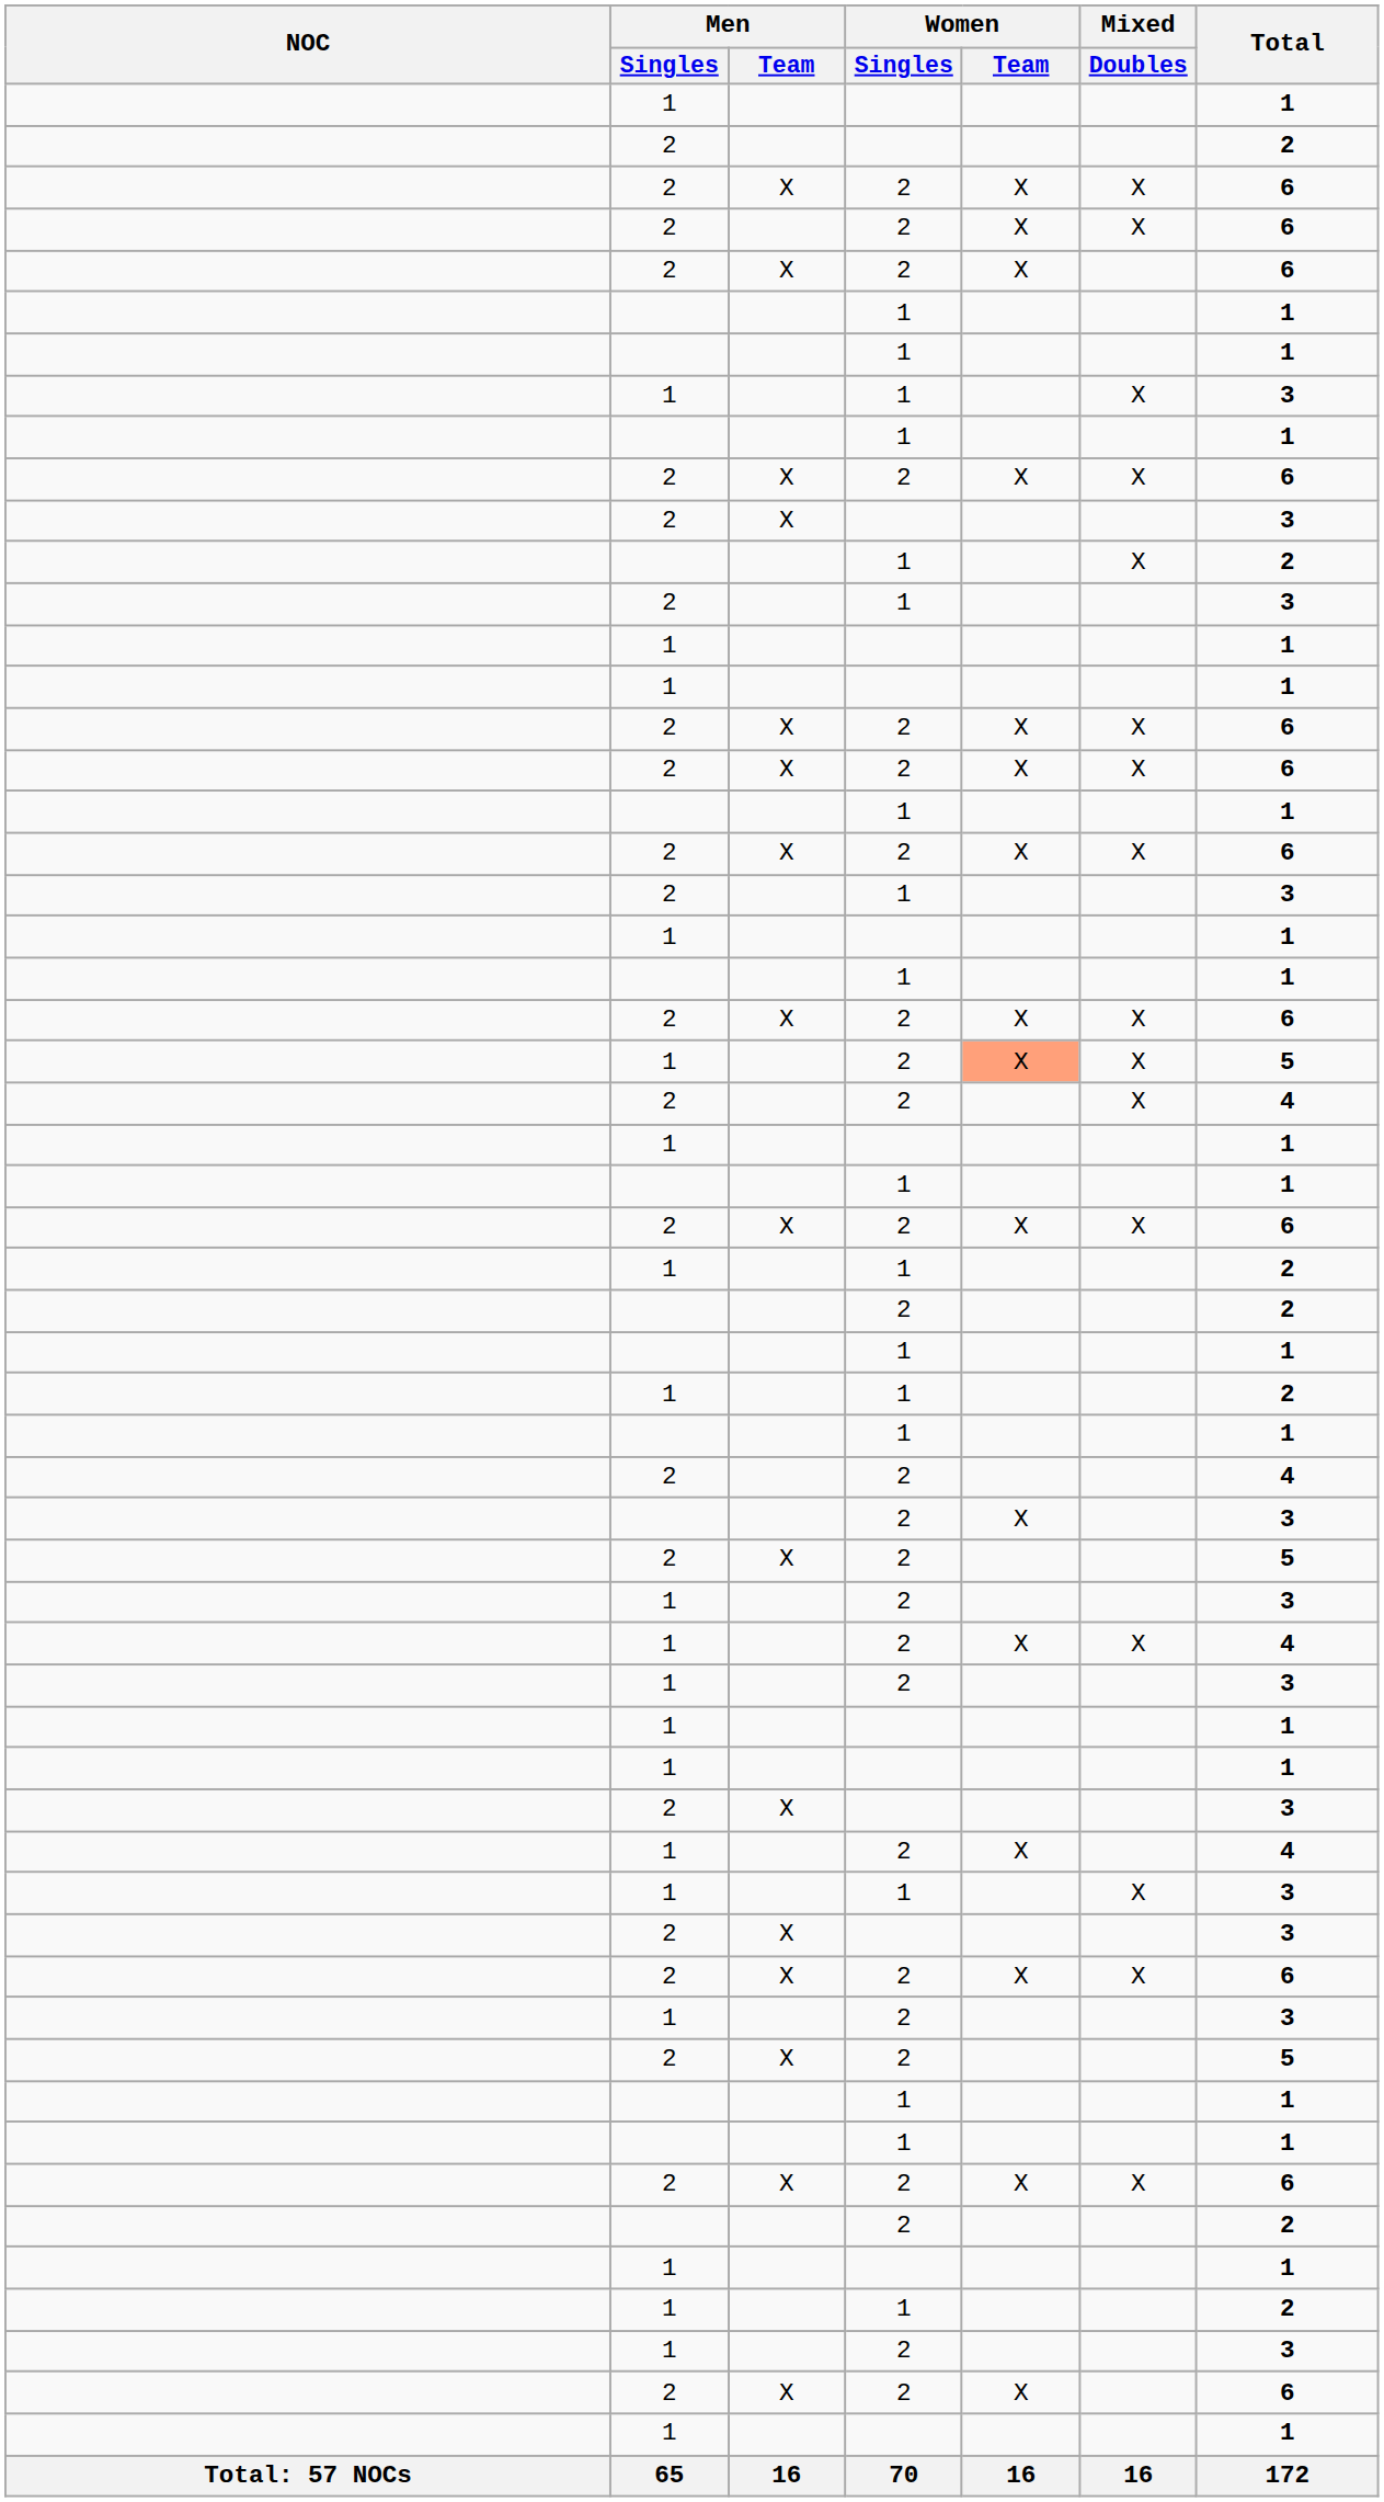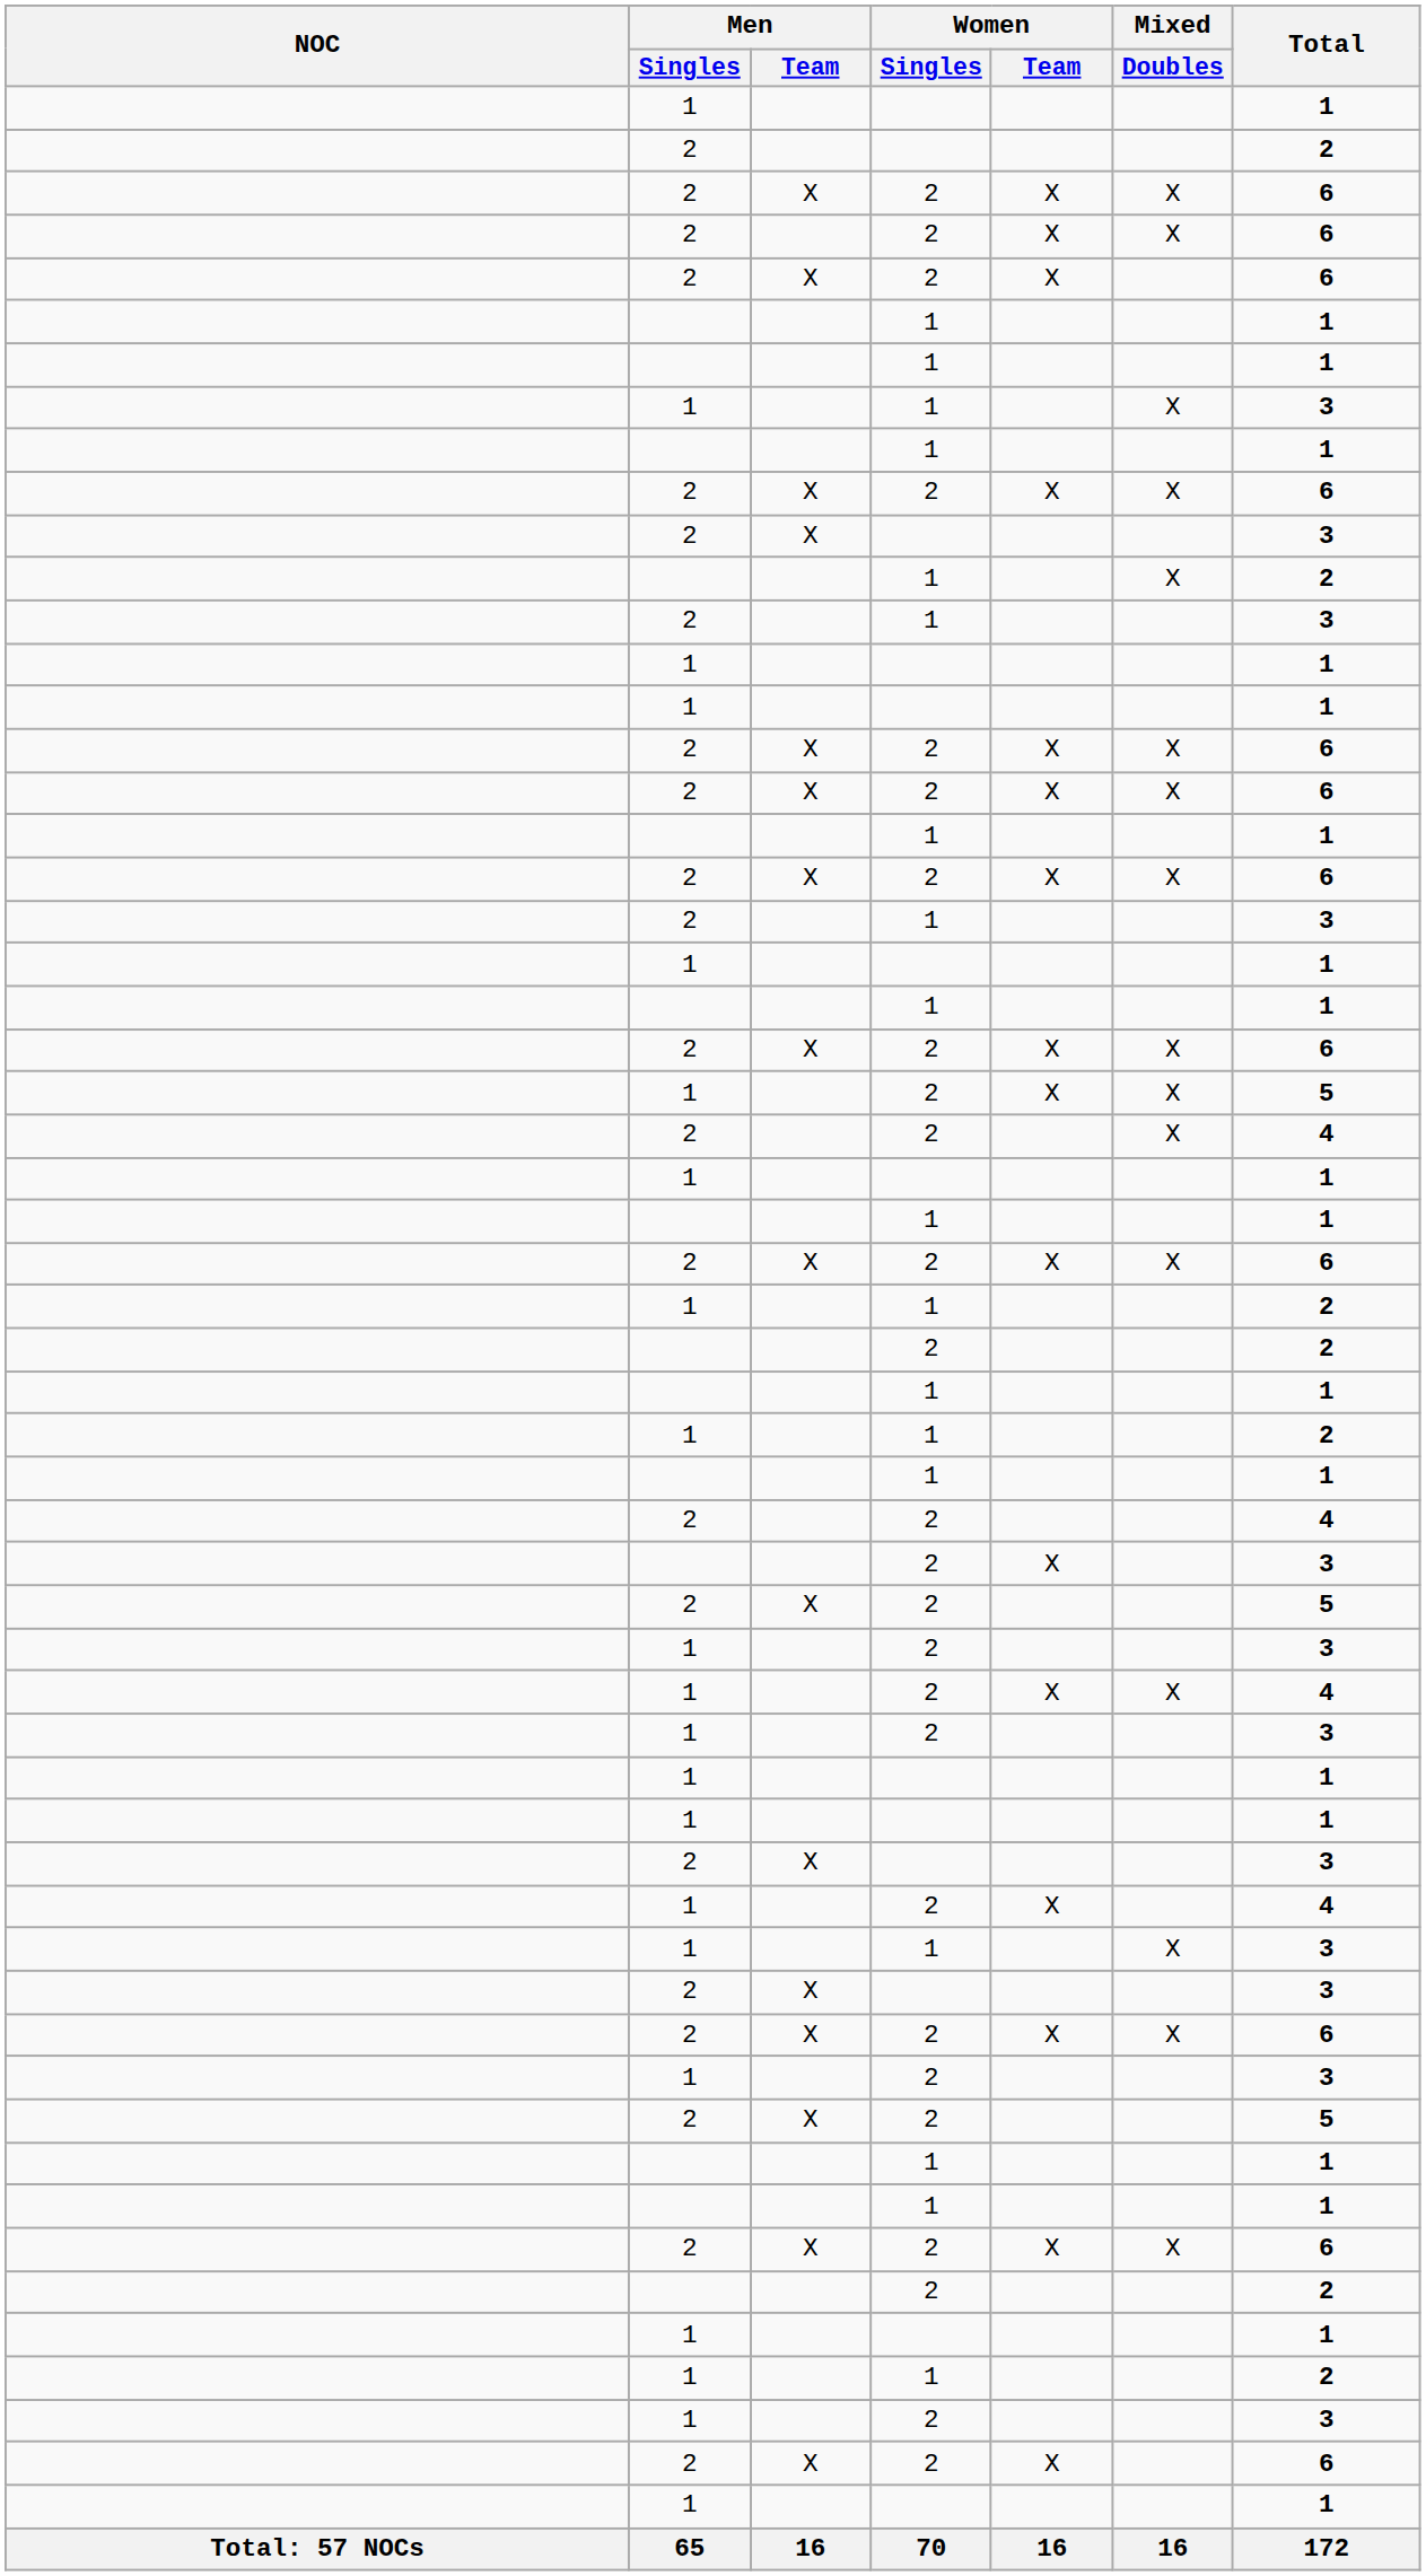 <table class="wikitable sortable" width=650 style="text-align:center; font-size:90%">
 <tr>
 <th rowspan="2" style="text-align:center;">NOC</th>
 <th colspan="2">Men</th>
 <th colspan="2">Women</th>
 <th>Mixed</th>
 <th rowspan="2" width=80>Total</th>
 </tr>
 <tr style="font-size:95%">
 <th width=50><a href='#'>Singles</a></th>
 <th width=50><a href='#'>Team</a></th>
 <th width=50><a href='#'>Singles</a></th>
 <th width=50><a href='#'>Team</a></th>
 <th width=50><a href='#'>Doubles</a></th>
 </tr>
 <tr>
 <td style="text-align:left;"></td>
 <td>1</td>
 <td></td>
 <td></td>
 <td></td>
 <td></td>
 <td><strong>1</strong></td>
 </tr>
 <tr>
 <td style="text-align:left;"></td>
 <td>2</td>
 <td></td>
 <td></td>
 <td></td>
 <td></td>
 <td><strong>2</strong></td>
 </tr>
 <tr>
 <td style="text-align:left;"></td>
 <td>2</td>
 <td>X</td>
 <td>2</td>
 <td>X</td>
 <td>X</td>
 <td><strong>6</strong></td>
 </tr>
 <tr>
 <td style="text-align:left;"></td>
 <td>2</td>
 <td></td>
 <td>2</td>
 <td>X</td>
 <td>X</td>
 <td><strong>6</strong></td>
 </tr>
 <tr>
 <td style="text-align:left;"></td>
 <td>2</td>
 <td>X</td>
 <td>2</td>
 <td>X</td>
 <td></td>
 <td><strong>6</strong></td>
 </tr>
 <tr>
 <td style="text-align:left;"></td>
 <td></td>
 <td></td>
 <td>1</td>
 <td></td>
 <td></td>
 <td><strong>1</strong></td>
 </tr>
 <tr>
 <td style="text-align:left;"></td>
 <td></td>
 <td></td>
 <td>1</td>
 <td></td>
 <td></td>
 <td><strong>1</strong></td>
 </tr>
 <tr>
 <td style="text-align:left;"></td>
 <td>1</td>
 <td></td>
 <td>1</td>
 <td></td>
 <td>X</td>
 <td><strong>3</strong></td>
 </tr>
 <tr>
 <td style="text-align:left;"></td>
 <td></td>
 <td></td>
 <td>1</td>
 <td></td>
 <td></td>
 <td><strong>1</strong></td>
 </tr>
 <tr>
 <td style="text-align:left;"></td>
 <td>2</td>
 <td>X</td>
 <td>2</td>
 <td>X</td>
 <td>X</td>
 <td><strong>6</strong></td>
 </tr>
 <tr>
 <td style="text-align:left;"></td>
 <td>2</td>
 <td>X</td>
 <td></td>
 <td></td>
 <td></td>
 <td><strong>3</strong></td>
 </tr>
 <tr>
 <td style="text-align:left;"></td>
 <td></td>
 <td></td>
 <td>1</td>
 <td></td>
 <td>X</td>
 <td><strong>2</strong></td>
 </tr>
 <tr>
 <td style="text-align:left;"></td>
 <td>2</td>
 <td></td>
 <td>1</td>
 <td></td>
 <td></td>
 <td><strong>3</strong></td>
 </tr>
 <tr>
 <td style="text-align:left;"></td>
 <td>1</td>
 <td></td>
 <td></td>
 <td></td>
 <td></td>
 <td><strong>1</strong></td>
 </tr>
 <tr>
 <td style="text-align:left;"></td>
 <td>1</td>
 <td></td>
 <td></td>
 <td></td>
 <td></td>
 <td><strong>1</strong></td>
 </tr>
 <tr>
 <td style="text-align:left;"></td>
 <td>2</td>
 <td>X</td>
 <td>2</td>
 <td>X</td>
 <td>X</td>
 <td><strong>6</strong></td>
 </tr>
 <tr>
 <td style="text-align:left;"></td>
 <td>2</td>
 <td>X</td>
 <td>2</td>
 <td>X</td>
 <td>X</td>
 <td><strong>6</strong></td>
 </tr>
 <tr>
 <td style="text-align:left;"></td>
 <td></td>
 <td></td>
 <td>1</td>
 <td></td>
 <td></td>
 <td><strong>1</strong></td>
 </tr>
 <tr>
 <td style="text-align:left;"></td>
 <td>2</td>
 <td>X</td>
 <td>2</td>
 <td>X</td>
 <td>X</td>
 <td><strong>6</strong></td>
 </tr>
 <tr>
 <td style="text-align:left;"></td>
 <td>2</td>
 <td></td>
 <td>1</td>
 <td></td>
 <td></td>
 <td><strong>3</strong></td>
 </tr>
 <tr>
 <td style="text-align:left;"></td>
 <td>1</td>
 <td></td>
 <td></td>
 <td></td>
 <td></td>
 <td><strong>1</strong></td>
 </tr>
 <tr>
 <td style="text-align:left;"></td>
 <td></td>
 <td></td>
 <td>1</td>
 <td></td>
 <td></td>
 <td><strong>1</strong></td>
 </tr>
 <tr>
 <td style="text-align:left;"></td>
 <td>2</td>
 <td>X</td>
 <td>2</td>
 <td>X</td>
 <td>X</td>
 <td><strong>6</strong></td>
 </tr>
 <tr>
 <td style="text-align:left;"></td>
 <td>1</td>
 <td></td>
 <td>2</td>
-<td style="background: lightsalmon;">X</td>
+<td>X</td>
 <td>X</td>
 <td><strong>5</strong></td>
 </tr>
 <tr>
 <td style="text-align:left;"></td>
 <td>2</td>
 <td></td>
 <td>2</td>
 <td></td>
 <td>X</td>
 <td><strong>4</strong></td>
 </tr>
 <tr>
 <td style="text-align:left;"></td>
 <td>1</td>
 <td></td>
 <td></td>
 <td></td>
 <td></td>
 <td><strong>1</strong></td>
 </tr>
 <tr>
 <td style="text-align:left;"></td>
 <td></td>
 <td></td>
 <td>1</td>
 <td></td>
 <td></td>
 <td><strong>1</strong></td>
 </tr>
 <tr>
 <td style="text-align:left;"></td>
 <td>2</td>
 <td>X</td>
 <td>2</td>
 <td>X</td>
 <td>X</td>
 <td><strong>6</strong></td>
 </tr>
 <tr>
 <td style="text-align:left;"></td>
 <td>1</td>
 <td></td>
 <td>1</td>
 <td></td>
 <td></td>
 <td><strong>2</strong></td>
 </tr>
 <tr>
 <td style="text-align:left;"></td>
 <td></td>
 <td></td>
 <td>2</td>
 <td></td>
 <td></td>
 <td><strong>2</strong></td>
 </tr>
 <tr>
 <td style="text-align:left;"></td>
 <td></td>
 <td></td>
 <td>1</td>
 <td></td>
 <td></td>
 <td><strong>1</strong></td>
 </tr>
 <tr>
 <td style="text-align:left;"></td>
 <td>1</td>
 <td></td>
 <td>1</td>
 <td></td>
 <td></td>
 <td><strong>2</strong></td>
 </tr>
 <tr>
 <td style="text-align:left;"></td>
 <td></td>
 <td></td>
 <td>1</td>
 <td></td>
 <td></td>
 <td><strong>1</strong></td>
 </tr>
 <tr>
 <td style="text-align:left;"></td>
 <td>2</td>
 <td></td>
 <td>2</td>
 <td></td>
 <td></td>
 <td><strong>4</strong></td>
 </tr>
 <tr>
 <td style="text-align:left;"></td>
 <td></td>
 <td></td>
 <td>2</td>
 <td>X</td>
 <td></td>
 <td><strong>3</strong></td>
 </tr>
 <tr>
 <td style="text-align:left;"></td>
 <td>2</td>
 <td>X</td>
 <td>2</td>
 <td></td>
 <td></td>
 <td><strong>5</strong></td>
 </tr>
 <tr>
 <td style="text-align:left;"></td>
 <td>1</td>
 <td></td>
 <td>2</td>
 <td></td>
 <td></td>
 <td><strong>3</strong></td>
 </tr>
 <tr>
 <td style="text-align:left;"></td>
 <td>1</td>
 <td></td>
 <td>2</td>
 <td>X</td>
 <td>X</td>
 <td><strong>4</strong></td>
 </tr>
 <tr>
 <td style="text-align:left;"></td>
 <td>1</td>
 <td></td>
 <td>2</td>
 <td></td>
 <td></td>
 <td><strong>3</strong></td>
 </tr>
 <tr>
 <td style="text-align:left;"></td>
 <td>1</td>
 <td></td>
 <td></td>
 <td></td>
 <td></td>
 <td><strong>1</strong></td>
 </tr>
 <tr>
 <td style="text-align:left;"></td>
 <td>1</td>
 <td></td>
 <td></td>
 <td></td>
 <td></td>
 <td><strong>1</strong></td>
 </tr>
 <tr>
 <td style="text-align:left;"></td>
 <td>2</td>
 <td>X</td>
 <td></td>
 <td></td>
 <td></td>
 <td><strong>3</strong></td>
 </tr>
 <tr>
 <td style="text-align:left;"></td>
 <td>1</td>
 <td></td>
 <td>2</td>
 <td>X</td>
 <td></td>
 <td><strong>4</strong></td>
 </tr>
 <tr>
 <td style="text-align:left;"></td>
 <td>1</td>
 <td></td>
 <td>1</td>
 <td></td>
 <td>X</td>
 <td><strong>3</strong></td>
 </tr>
 <tr>
 <td style="text-align:left;"></td>
 <td>2</td>
 <td>X</td>
 <td></td>
 <td></td>
 <td></td>
 <td><strong>3</strong></td>
 </tr>
 <tr>
 <td style="text-align:left;"></td>
 <td>2</td>
 <td>X</td>
 <td>2</td>
 <td>X</td>
 <td>X</td>
 <td><strong>6</strong></td>
 </tr>
 <tr>
 <td style="text-align:left;"></td>
 <td>1</td>
 <td></td>
 <td>2</td>
 <td></td>
 <td></td>
 <td><strong>3</strong></td>
 </tr>
 <tr>
 <td style="text-align:left;"></td>
 <td>2</td>
 <td>X</td>
 <td>2</td>
 <td></td>
 <td></td>
 <td><strong>5</strong></td>
 </tr>
 <tr>
 <td style="text-align:left;"></td>
 <td></td>
 <td></td>
 <td>1</td>
 <td></td>
 <td></td>
 <td><strong>1</strong></td>
 </tr>
 <tr>
 <td style="text-align:left;"></td>
 <td></td>
 <td></td>
 <td>1</td>
 <td></td>
 <td></td>
 <td><strong>1</strong></td>
 </tr>
 <tr>
 <td style="text-align:left;"></td>
 <td>2</td>
 <td>X</td>
 <td>2</td>
 <td>X</td>
 <td>X</td>
 <td><strong>6</strong></td>
 </tr>
 <tr>
 <td style="text-align:left;"></td>
 <td></td>
 <td></td>
 <td>2</td>
 <td></td>
 <td></td>
 <td><strong>2</strong></td>
 </tr>
 <tr>
 <td style="text-align:left;"></td>
 <td>1</td>
 <td></td>
 <td></td>
 <td></td>
 <td></td>
 <td><strong>1</strong></td>
 </tr>
 <tr>
 <td style="text-align:left;"></td>
 <td>1</td>
 <td></td>
 <td>1</td>
 <td></td>
 <td></td>
 <td><strong>2</strong></td>
 </tr>
 <tr>
 <td style="text-align:left;"></td>
 <td>1</td>
 <td></td>
 <td>2</td>
 <td></td>
 <td></td>
 <td><strong>3</strong></td>
 </tr>
 <tr>
 <td style="text-align:left;"></td>
 <td>2</td>
 <td>X</td>
 <td>2</td>
 <td>X</td>
 <td></td>
 <td><strong>6</strong></td>
 </tr>
 <tr>
 <td style="text-align:left;"></td>
 <td>1</td>
 <td></td>
 <td></td>
 <td></td>
 <td></td>
 <td><strong>1</strong></td>
 </tr>
 <tr>
 <th>Total: 57 NOCs</th>
 <th>65</th>
 <th>16</th>
 <th>70</th>
 <th>16</th>
 <th>16</th>
 <th>172</th>
 </tr>
 </table>
